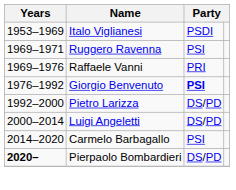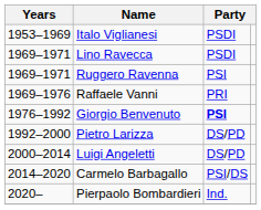 <table class=wikitable style=text-align:left>
 <tr>
 <th>Years</th>
 <th>Name</th>
 <th colspan="2">Party</th>
 </tr>
 <tr>
 <td>1953–1969</td>
 <td><a href='#'>Italo Viglianesi</a></td>
+<td><a href='#'>PSDI</a></td>
+<td></td>
+</tr>
+<tr>
+<td>1969–1971</td>
+<td><a href='#'>Lino Ravecca</a></td>
 <td><a href='#'>PSDI</a></td>
 <td></td>
 </tr>
 <tr>
 <td>1969–1971</td>
 <td><a href='#'>Ruggero Ravenna</a></td>
 <td><a href='#'>PSI</a></td>
 <td></td>
 </tr>
 <tr>
 <td>1969–1976</td>
 <td>Raffaele Vanni</td>
 <td><a href='#'>PRI</a></td>
 <td></td>
 </tr>
 <tr>
 <td>1976–1992</td>
 <td><a href='#'>Giorgio Benvenuto</a></td>
 <td><strong><a href='#'>PSI</a></strong></td>
 <td></td>
 </tr>
 <tr>
 <td>1992–2000</td>
 <td><a href='#'>Pietro Larizza</a></td>
 <td><a href='#'>DS</a>/<a href='#'>PD</a></td>
 <td></td>
 </tr>
 <tr>
 <td>2000–2014</td>
 <td><a href='#'>Luigi Angeletti</a></td>
 <td><a href='#'>DS</a>/<a href='#'>PD</a></td>
 <td></td>
 </tr>
 <tr>
 <td>2014–2020</td>
 <td>Carmelo Barbagallo</td>
-<td><a href='#'>PSI</a></td>
+<td><a href='#'>PSI</a>/<a href='#'>DS</a></td>
 <td></td>
 </tr>
 <tr>
-<td><strong>2020–</strong></td>
+<td>2020–</td>
 <td>Pierpaolo Bombardieri</td>
-<td><a href='#'>DS</a>/<a href='#'>PD</a></td>
+<td><a href='#'>Ind.</a></td>
 <td></td>
 </tr>
 <tr>
 </tr>
 </table>
